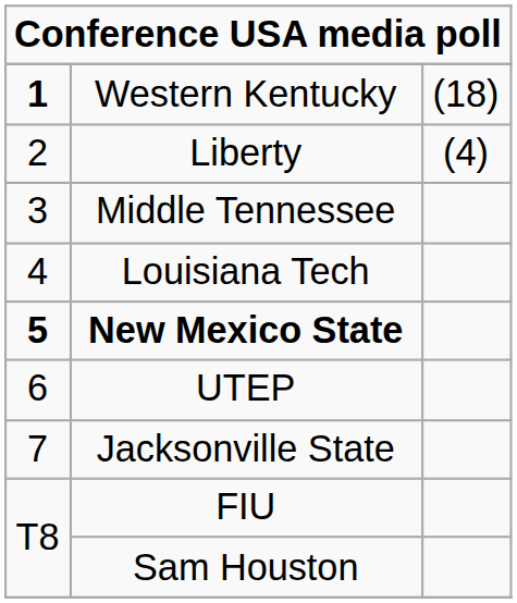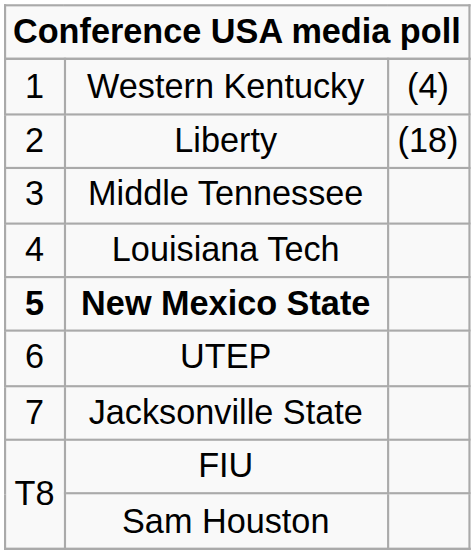 <table class="wikitable" style="display: inline-table;">
 <tr>
 <td align="center" Colspan="3"><strong>Conference USA media poll</strong></td>
 </tr>
 <tr align="center">
 </tr>
 <tr align="center">
-<td><strong>1</strong></td>
+<td>1</td>
 <td>Western Kentucky</td>
-<td>(18)</td>
+<td>(4)</td>
 </tr>
 <tr align="center">
 <td>2</td>
 <td>Liberty</td>
-<td>(4)</td>
+<td>(18)</td>
 </tr>
 <tr align="center">
 <td>3</td>
 <td>Middle Tennessee</td>
 <td></td>
 </tr>
 <tr align="center">
 <td>4</td>
 <td>Louisiana Tech</td>
 <td></td>
 </tr>
 <tr align="center">
 <td><strong>5</strong></td>
 <td><strong>New Mexico State</strong></td>
 <td></td>
 </tr>
 <tr align="center">
 <td>6</td>
 <td>UTEP</td>
 <td></td>
 </tr>
 <tr align="center">
 <td>7</td>
 <td>Jacksonville State</td>
 <td></td>
 </tr>
 <tr align="center">
 <td rowspan=2>T8</td>
 <td>FIU</td>
 <td></td>
 </tr>
 <tr align="center">
 <td>Sam Houston</td>
 <td></td>
 </tr>
 <tr>
 </tr>
 </table>
